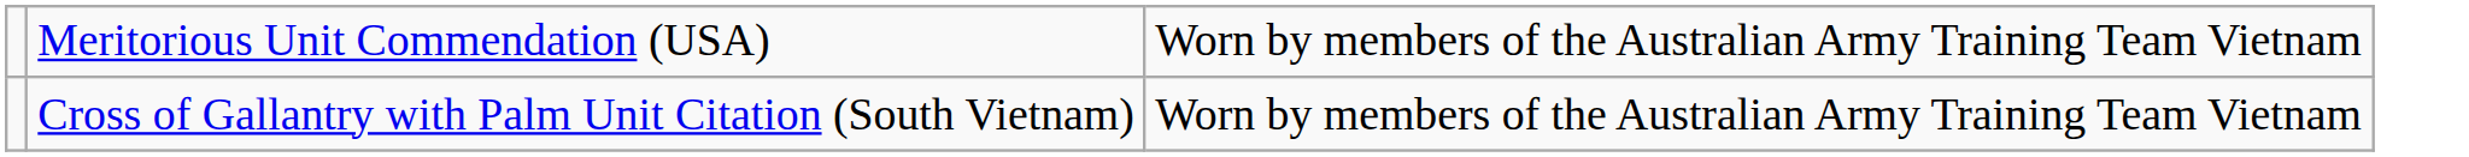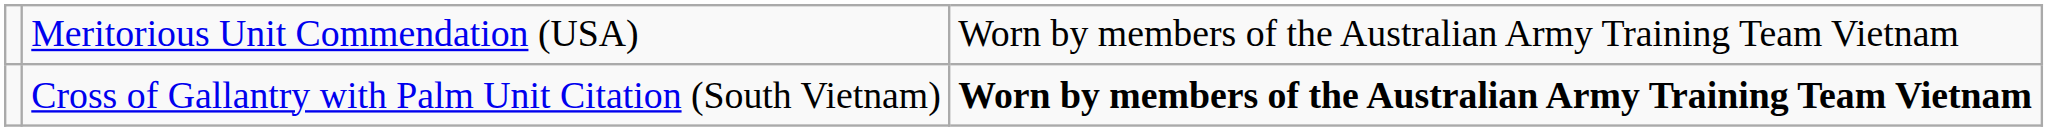 <table class="wikitable">
 <tr>
 <td></td>
 <td><a href='#'>Meritorious Unit Commendation</a> (USA)</td>
 <td>Worn by members of the Australian Army Training Team Vietnam</td>
 </tr>
 <tr>
 <td></td>
 <td><a href='#'>Cross of Gallantry with Palm Unit Citation</a> (South Vietnam)</td>
-<td>Worn by members of the Australian Army Training Team Vietnam</td>
+<td><strong>Worn by members of the Australian Army Training Team Vietnam</strong></td>
 </tr>
 </table>
